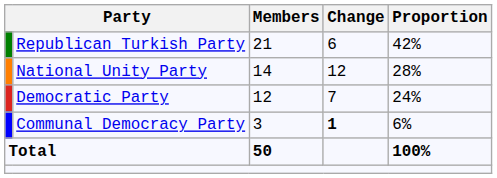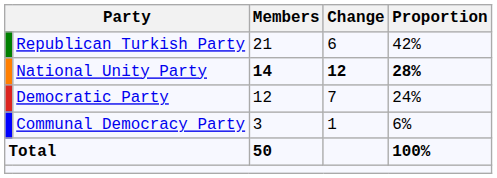 <table class=wikitable style="border:1px solid #8888aa; background-color:#f7f8ff; padding:0px; font-size:90%;">
 <tr>
 <th colspan="2">Party</th>
 <th>Members</th>
 <th>Change</th>
 <th>Proportion</th>
 </tr>
 <tr>
 <td style="background: #008000"></td>
 <td><a href='#'>Republican Turkish Party</a></td>
 <td>21</td>
 <td>6</td>
 <td>42%</td>
 </tr>
 <tr>
 <td style="background: #FF7F00"></td>
 <td><a href='#'>National Unity Party</a></td>
-<td>14</td>
-<td>12</td>
-<td>28%</td>
+<td><strong>14</strong></td>
+<td><strong>12</strong></td>
+<td><strong>28%</strong></td>
 </tr>
 <tr>
 <td style="background: #DC241f"></td>
 <td><a href='#'>Democratic Party</a></td>
 <td>12</td>
 <td>7</td>
 <td>24%</td>
 </tr>
 <tr>
 <td style="background: #0000FF"></td>
 <td><a href='#'>Communal Democracy Party</a></td>
 <td>3</td>
-<td><strong>1</strong></td>
+<td>1</td>
 <td>6%</td>
 </tr>
 <tr>
 <td colspan="2"><strong>Total</strong></td>
 <td><strong>50</strong></td>
 <td></td>
 <td><strong>100%</strong></td>
 </tr>
 <tr>
 <td colspan="7"></td>
 </tr>
 </table>
